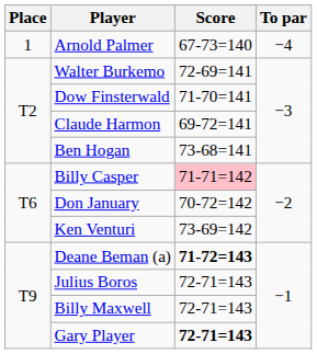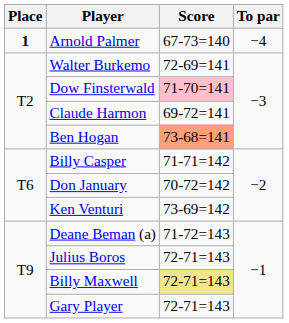 <table class="wikitable">
 <tr>
 <th>Place</th>
 <th>Player</th>
 <th>Score</th>
 <th>To par</th>
 </tr>
 <tr>
-<td align="center">1</td>
+<td align="center"><strong>1</strong></td>
 <td> <a href='#'>Arnold Palmer</a></td>
 <td>67-73=140</td>
 <td align="center">−4</td>
 </tr>
 <tr>
 <td rowspan="4" align="center">T2</td>
 <td> <a href='#'>Walter Burkemo</a></td>
 <td>72-69=141</td>
 <td rowspan="4" align="center">−3</td>
 </tr>
 <tr>
 <td> <a href='#'>Dow Finsterwald</a></td>
-<td>71-70=141</td>
+<td style="background: pink;">71-70=141</td>
 </tr>
 <tr>
 <td> <a href='#'>Claude Harmon</a></td>
 <td>69-72=141</td>
 </tr>
 <tr>
 <td> <a href='#'>Ben Hogan</a></td>
-<td>73-68=141</td>
+<td style="background: lightsalmon;">73-68=141</td>
 </tr>
 <tr>
 <td rowspan="3" align="center">T6</td>
 <td> <a href='#'>Billy Casper</a></td>
-<td style="background: pink;">71-71=142</td>
+<td>71-71=142</td>
 <td rowspan="3" align="center">−2</td>
 </tr>
 <tr>
 <td> <a href='#'>Don January</a></td>
 <td>70-72=142</td>
 </tr>
 <tr>
 <td> <a href='#'>Ken Venturi</a></td>
 <td>73-69=142</td>
 </tr>
 <tr>
 <td rowspan="4" align="center">T9</td>
 <td> <a href='#'>Deane Beman</a> (a)</td>
-<td><strong>71-72=143</strong></td>
+<td>71-72=143</td>
 <td rowspan="4" align="center">−1</td>
 </tr>
 <tr>
 <td> <a href='#'>Julius Boros</a></td>
 <td>72-71=143</td>
 </tr>
 <tr>
 <td> <a href='#'>Billy Maxwell</a></td>
-<td>72-71=143</td>
+<td style="background: khaki;">72-71=143</td>
 </tr>
 <tr>
 <td> <a href='#'>Gary Player</a></td>
-<td><strong>72-71=143</strong></td>
+<td>72-71=143</td>
 </tr>
 </table>
